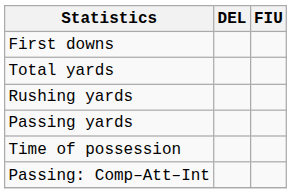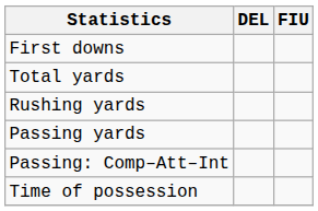 <table class="wikitable" style="float: left;">
 <tr>
 <th>Statistics</th>
 <th>DEL</th>
 <th>FIU</th>
 </tr>
 <tr>
 <td>First downs</td>
 <td></td>
 <td></td>
 </tr>
 <tr>
 <td>Total yards</td>
 <td></td>
 <td></td>
 </tr>
 <tr>
 <td>Rushing yards</td>
 <td></td>
 <td></td>
 </tr>
 <tr>
 <td>Passing yards</td>
 <td></td>
 <td></td>
 </tr>
 <tr>
-<td>Time of possession</td>
+<td>Passing: Comp–Att–Int</td>
 <td></td>
 <td></td>
 </tr>
 <tr>
-<td>Passing: Comp–Att–Int</td>
+<td>Time of possession</td>
 <td></td>
 <td></td>
 </tr>
 <tr>
 </tr>
 </table>
